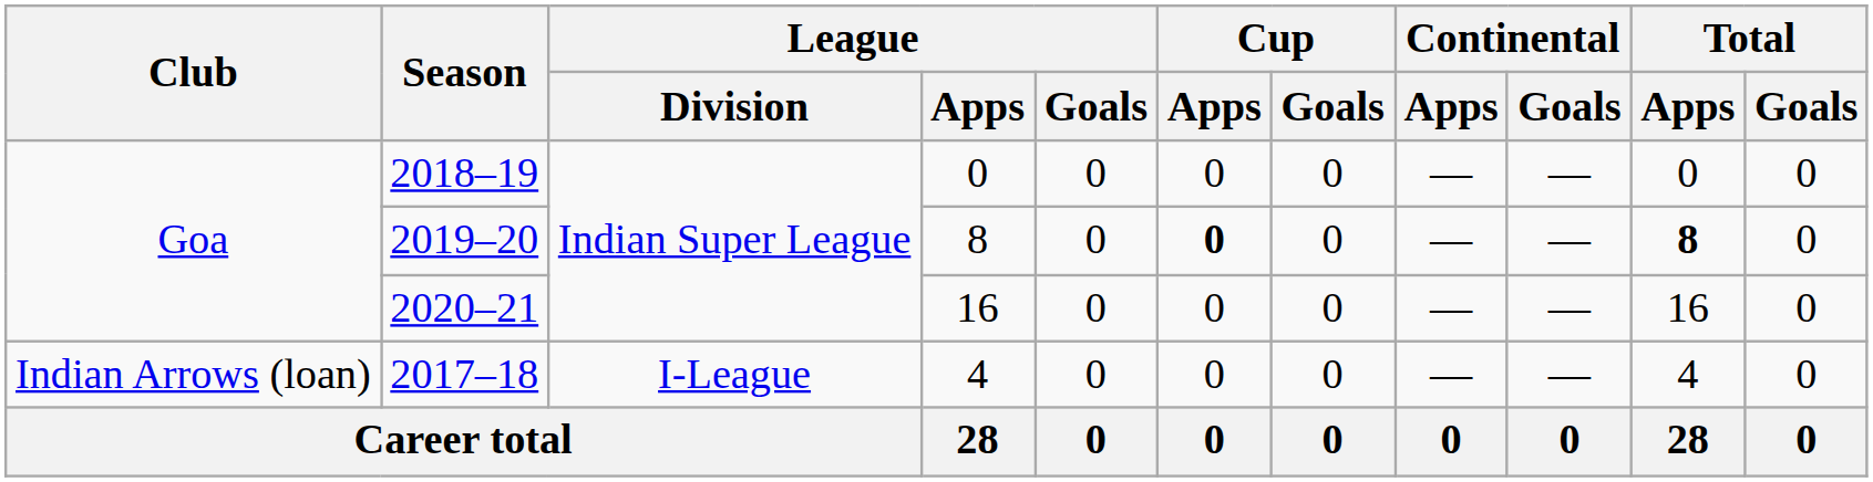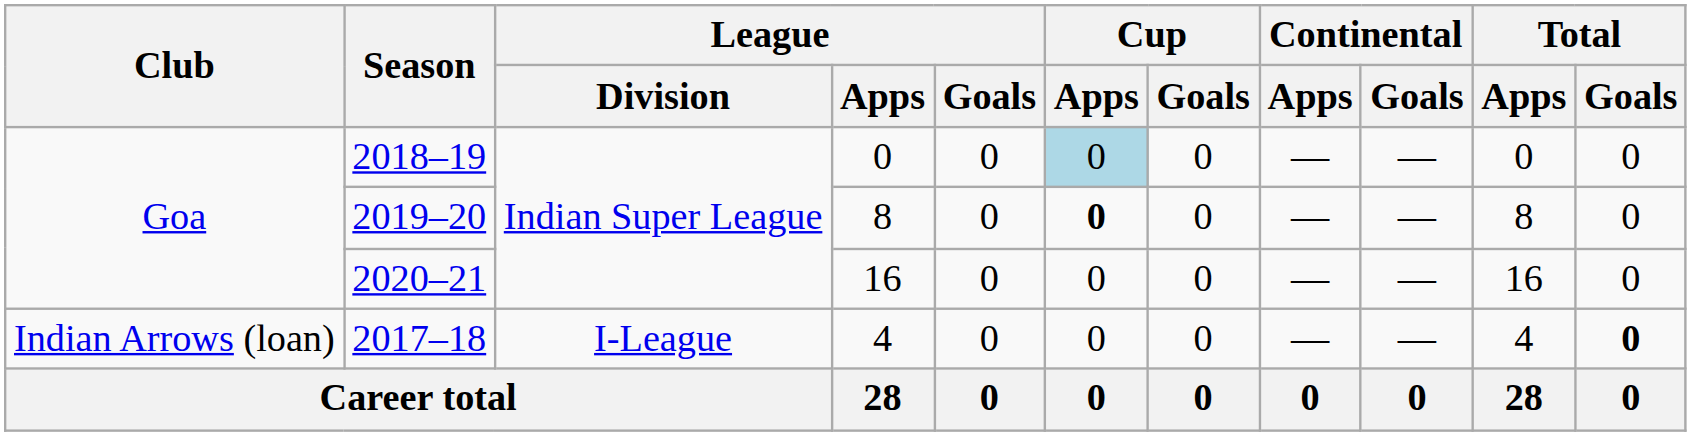 <table class=wikitable style="text-align: center;">
 <tr>
 <th rowspan=2>Club</th>
 <th rowspan=2>Season</th>
 <th colspan=3>League</th>
 <th colspan=2>Cup</th>
 <th colspan=2>Continental</th>
 <th colspan=2>Total</th>
 </tr>
 <tr>
 <th>Division</th>
 <th>Apps</th>
 <th>Goals</th>
 <th>Apps</th>
 <th>Goals</th>
 <th>Apps</th>
 <th>Goals</th>
 <th>Apps</th>
 <th>Goals</th>
 </tr>
 <tr>
 <td rowspan=3><a href='#'>Goa</a></td>
 <td><a href='#'>2018–19</a></td>
 <td rowspan=3><a href='#'>Indian Super League</a></td>
 <td>0</td>
 <td>0</td>
-<td>0</td>
+<td style="background: lightblue;">0</td>
 <td>0</td>
 <td>—</td>
 <td>—</td>
 <td>0</td>
 <td>0</td>
 </tr>
 <tr>
 <td><a href='#'>2019–20</a></td>
 <td>8</td>
 <td>0</td>
 <td><strong>0</strong></td>
 <td>0</td>
 <td>—</td>
 <td>—</td>
-<td><strong>8</strong></td>
+<td>8</td>
 <td>0</td>
 </tr>
 <tr>
 <td><a href='#'>2020–21</a></td>
 <td>16</td>
 <td>0</td>
 <td>0</td>
 <td>0</td>
 <td>—</td>
 <td>—</td>
 <td>16</td>
 <td>0</td>
 </tr>
 <tr>
 <td rowspan=1><a href='#'>Indian Arrows</a> (loan)</td>
 <td><a href='#'>2017–18</a></td>
 <td><a href='#'>I-League</a></td>
 <td>4</td>
 <td>0</td>
 <td>0</td>
 <td>0</td>
 <td>—</td>
 <td>—</td>
 <td>4</td>
-<td>0</td>
+<td><strong>0</strong></td>
 </tr>
 <tr>
 <th colspan=3>Career total</th>
 <th>28</th>
 <th>0</th>
 <th>0</th>
 <th>0</th>
 <th>0</th>
 <th>0</th>
 <th>28</th>
 <th>0</th>
 </tr>
 </table>
